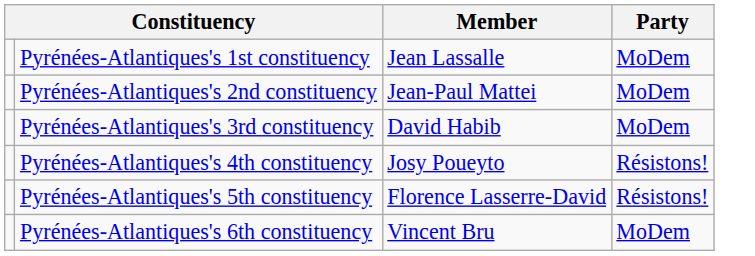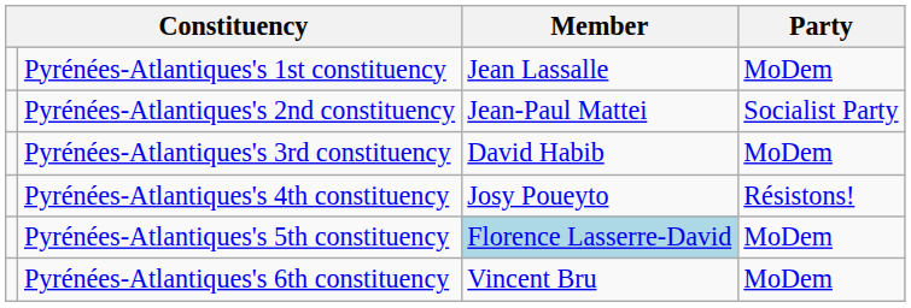 <table class="wikitable">
 <tr>
 <th colspan="2">Constituency</th>
 <th>Member</th>
 <th>Party</th>
 </tr>
 <tr>
 <td style="background-color: "></td>
 <td><a href='#'>Pyrénées-Atlantiques's 1st constituency</a></td>
 <td><a href='#'>Jean Lassalle</a></td>
 <td><a href='#'>MoDem</a></td>
 </tr>
 <tr>
 <td style="background-color: "></td>
 <td><a href='#'>Pyrénées-Atlantiques's 2nd constituency</a></td>
 <td><a href='#'>Jean-Paul Mattei</a></td>
-<td><a href='#'>MoDem</a></td>
+<td><a href='#'>Socialist Party</a></td>
 </tr>
 <tr>
 <td style="background-color: "></td>
 <td><a href='#'>Pyrénées-Atlantiques's 3rd constituency</a></td>
 <td><a href='#'>David Habib</a></td>
 <td><a href='#'>MoDem</a></td>
 </tr>
 <tr>
 <td style="background-color: "></td>
 <td><a href='#'>Pyrénées-Atlantiques's 4th constituency</a></td>
 <td><a href='#'>Josy Poueyto</a></td>
 <td><a href='#'>Résistons!</a></td>
 </tr>
 <tr>
 <td style="background-color: "></td>
 <td><a href='#'>Pyrénées-Atlantiques's 5th constituency</a></td>
-<td><a href='#'>Florence Lasserre-David</a></td>
-<td><a href='#'>Résistons!</a></td>
+<td style="background: lightblue;"><a href='#'>Florence Lasserre-David</a></td>
+<td><a href='#'>MoDem</a></td>
 </tr>
 <tr>
 <td style="background-color: "></td>
 <td><a href='#'>Pyrénées-Atlantiques's 6th constituency</a></td>
 <td><a href='#'>Vincent Bru</a></td>
 <td><a href='#'>MoDem</a></td>
 </tr>
 </table>
